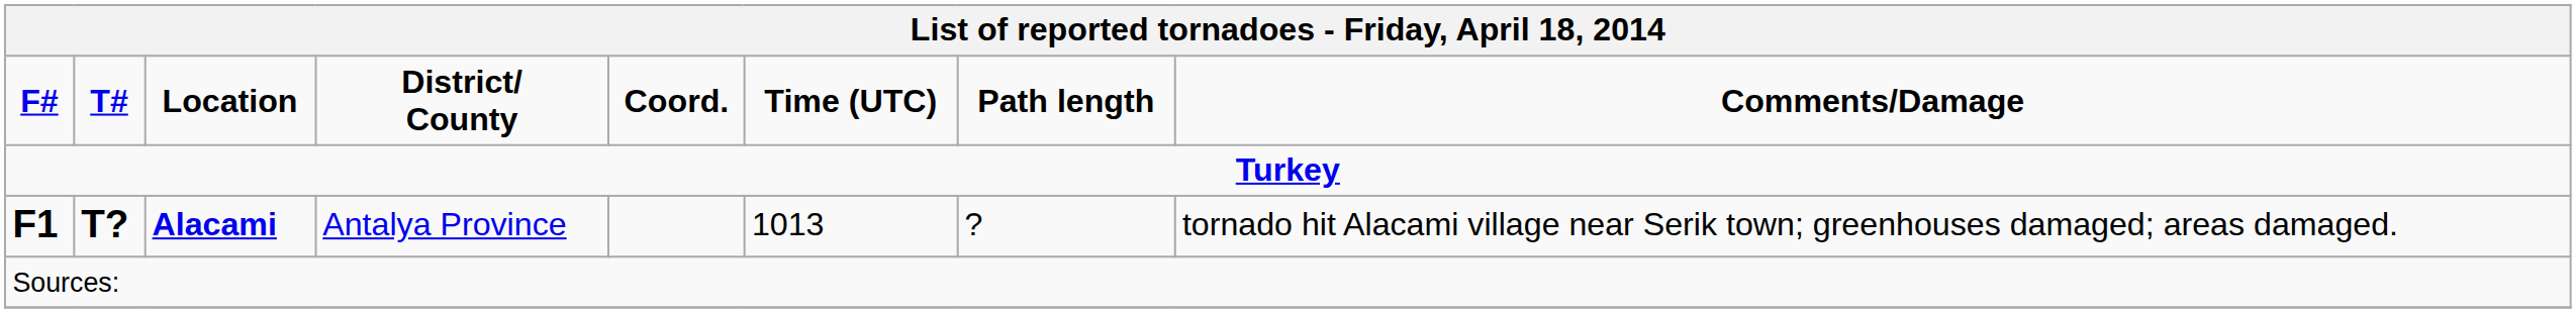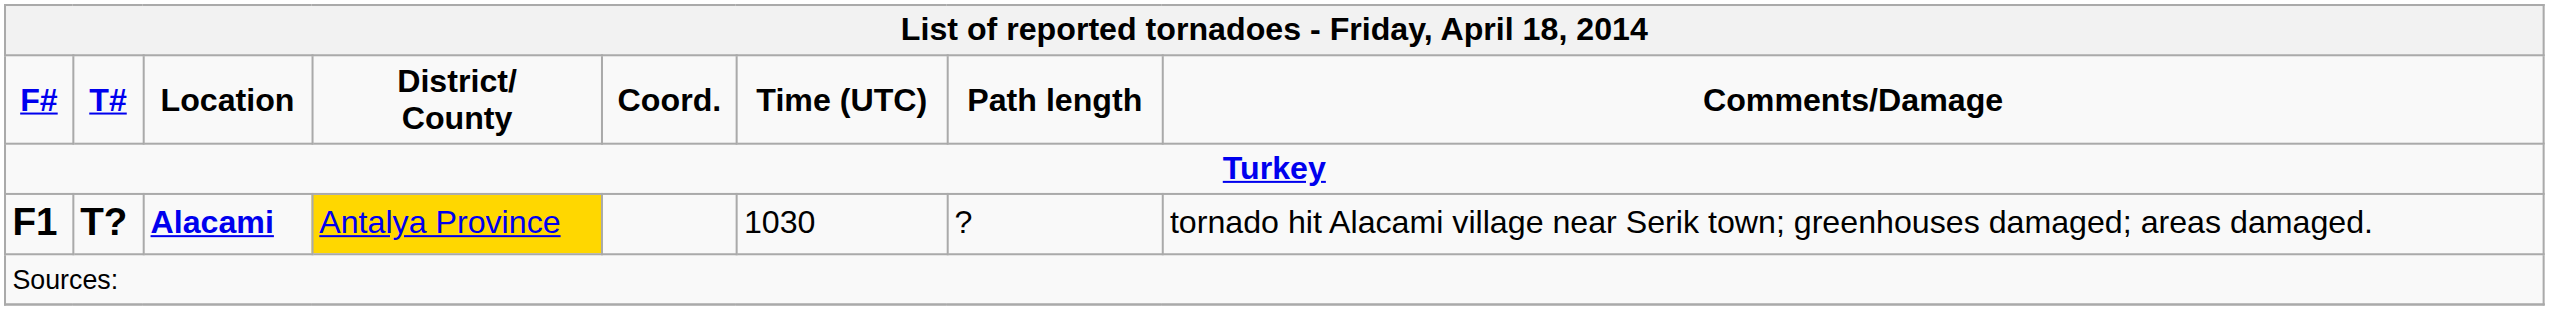 <table class="wikitable collapsible" width="100%">
 <tr>
 <th colspan="8">List of reported tornadoes - Friday, April 18, 2014</th>
 </tr>
 <tr>
 <td style="text-align: center;"><strong><a href='#'>F#</a></strong></td>
 <td style="text-align: center;"><strong><a href='#'>T#</a></strong></td>
 <td style="text-align: center;"><strong>Location</strong></td>
 <td style="text-align: center;"><strong>District/<br>County</strong></td>
 <td style="text-align: center;"><strong>Coord.</strong></td>
 <td style="text-align: center;"><strong>Time (UTC)</strong></td>
 <td style="text-align: center;"><strong>Path length</strong></td>
 <td style="text-align: center;"><strong>Comments/Damage</strong></td>
 </tr>
 <tr>
 <td colspan="8" align=center><strong><a href='#'>Turkey</a></strong></td>
 </tr>
 <tr>
 <td><big><strong>F1</strong></big></td>
 <td><big><strong>T?</strong></big></td>
 <td><strong><a href='#'>Alacami</a></strong></td>
-<td><a href='#'>Antalya Province</a></td>
+<td style="background: gold;"><a href='#'>Antalya Province</a></td>
 <td></td>
-<td>1013</td>
+<td>1030</td>
 <td>?</td>
 <td>tornado hit Alacami village near Serik town; greenhouses damaged; areas damaged.</td>
 </tr>
 <tr>
 <td colspan="8"><small>Sources:</small></td>
 </tr>
 <tr>
 </tr>
 </table>
